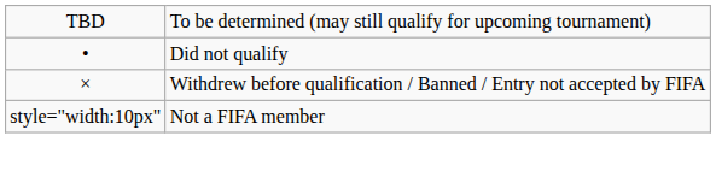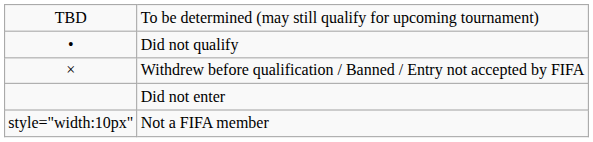 <table class="wikitable" style="font-size:90%">
 <tr>
 <td style="text-align:center;width:10px">TBD</td>
 <td>To be determined (may still qualify for upcoming tournament)</td>
 </tr>
 <tr>
 <td style="text-align:center;width:10px">•</td>
 <td>Did not qualify</td>
 </tr>
 <tr>
 <td style="text-align:center;width:10px">×</td>
 <td>Withdrew before qualification / Banned / Entry not accepted by FIFA</td>
 </tr>
 <tr>
+<td style="width:10px"></td>
+<td>Did not enter</td>
+</tr>
+<tr>
 <td>style="width:10px" </td>
 <td>Not a FIFA member</td>
 </tr>
 </table>
